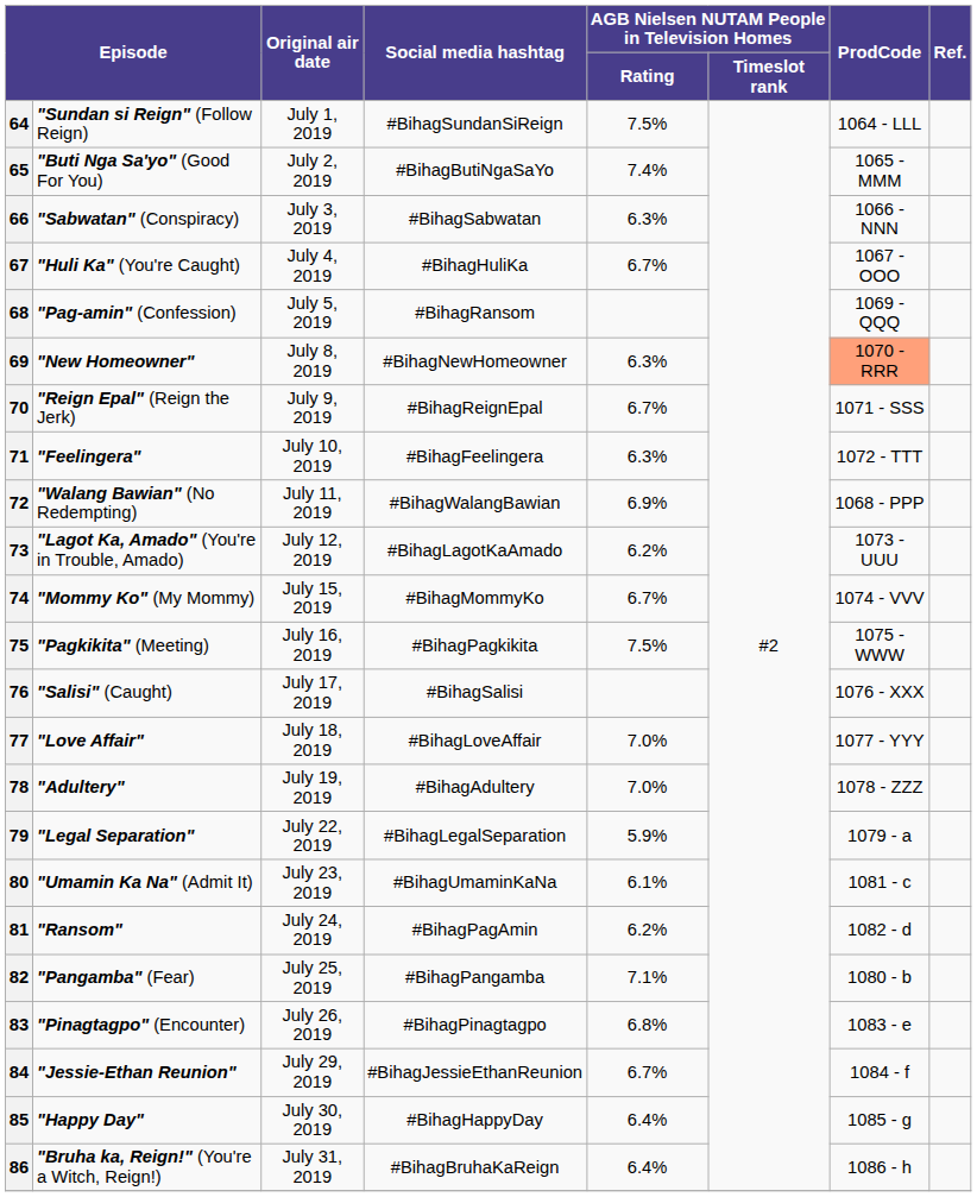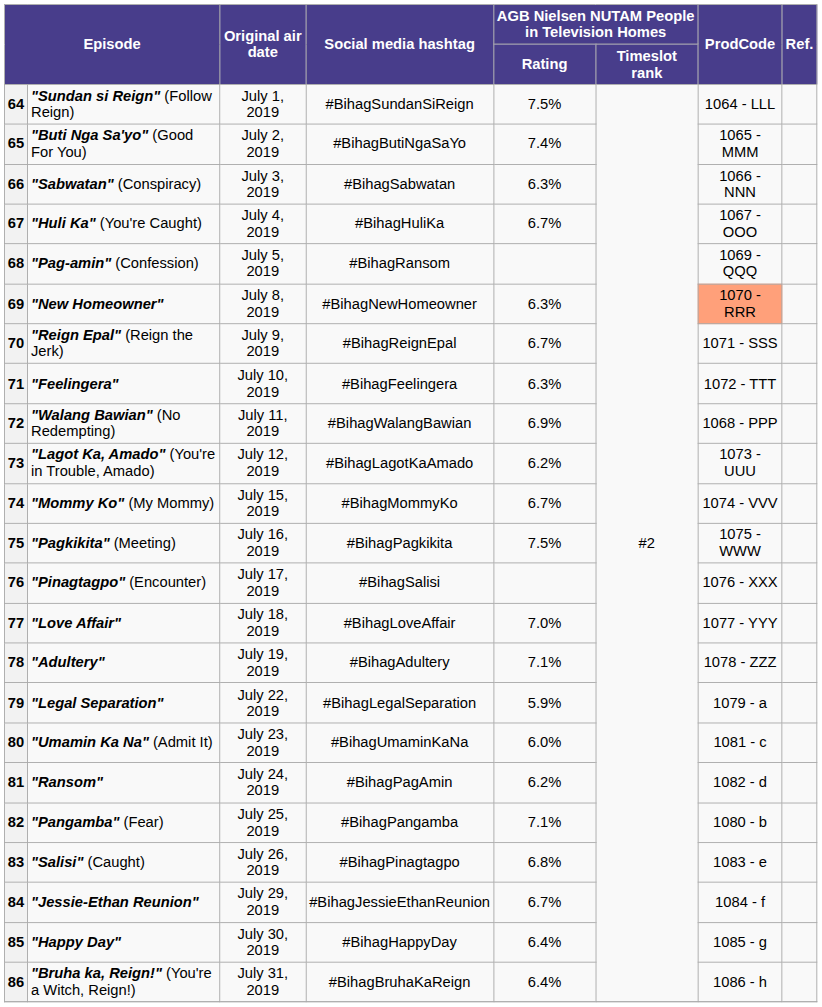 <table class="wikitable" style="text-align:center; font-size:100%; line-height:18px;" width="100%">
 <tr>
 <th style="background-color:#483D8B; color:#ffffff;" colspan="2" rowspan="2">Episode</th>
 <th style="background-color:#483D8B; color:white" rowspan="2">Original air date</th>
 <th style="background-color:#483D8B; color:white" rowspan="2">Social media hashtag</th>
 <th style="background-color:#483D8B; color:#ffffff;" colspan="2">AGB Nielsen NUTAM People in Television Homes</th>
 <th style="background-color:#483D8B; color:#ffffff;" rowspan="2">ProdCode</th>
 <th style="background-color:#483D8B;  color:#ffffff;" rowspan="2">Ref.</th>
 </tr>
 <tr>
 <th style="background-color:#483D8B; width:75px; color:#ffffff;">Rating</th>
 <th style="background-color:#483D8B;  width:75px; color:#ffffff;">Timeslot<br>rank</th>
 </tr>
 <tr>
 <th>64</th>
 <td style="text-align: left;"><strong><em>"Sundan si Reign"</em></strong> (Follow Reign)</td>
 <td>July 1, 2019</td>
 <td>#BihagSundanSiReign</td>
 <td>7.5%</td>
 <td rowspan="23">#2</td>
 <td>1064 - LLL</td>
 <td></td>
 </tr>
 <tr>
 <th>65</th>
 <td style="text-align: left;"><strong><em>"Buti Nga Sa'yo"</em></strong> (Good For You)</td>
 <td>July 2, 2019</td>
 <td>#BihagButiNgaSaYo</td>
 <td>7.4%</td>
 <td>1065 - MMM</td>
 <td></td>
 </tr>
 <tr>
 <th>66</th>
 <td style="text-align: left;"><strong><em>"Sabwatan"</em></strong> (Conspiracy)</td>
 <td>July 3, 2019</td>
 <td>#BihagSabwatan</td>
 <td>6.3%</td>
 <td>1066 - NNN</td>
 <td></td>
 </tr>
 <tr>
 <th>67</th>
 <td style="text-align: left;"><strong><em>"Huli Ka"</em></strong> (You're Caught)</td>
 <td>July 4, 2019</td>
 <td>#BihagHuliKa</td>
 <td>6.7%</td>
 <td>1067 - OOO</td>
 <td></td>
 </tr>
 <tr>
 <th>68</th>
 <td style="text-align: left;"><strong><em>"Pag-amin"</em></strong> (Confession)</td>
 <td>July 5, 2019</td>
 <td>#BihagRansom</td>
 <td></td>
 <td>1069 - QQQ</td>
 <td></td>
 </tr>
 <tr>
 <th>69</th>
 <td style="text-align: left;"><strong><em>"New Homeowner"</em></strong></td>
 <td>July 8, 2019</td>
 <td>#BihagNewHomeowner</td>
 <td>6.3%</td>
 <td style="background: lightsalmon;">1070 - RRR</td>
 <td></td>
 </tr>
 <tr>
 <th>70</th>
 <td style="text-align: left;"><strong><em>"Reign Epal"</em></strong> (Reign the Jerk)</td>
 <td>July 9, 2019</td>
 <td>#BihagReignEpal</td>
 <td>6.7%</td>
 <td>1071 - SSS</td>
 <td></td>
 </tr>
 <tr>
 <th>71</th>
 <td style="text-align: left;"><strong><em>"Feelingera"</em></strong></td>
 <td>July 10, 2019</td>
 <td>#BihagFeelingera</td>
 <td>6.3%</td>
 <td>1072 - TTT</td>
 <td></td>
 </tr>
 <tr>
 <th>72</th>
 <td style="text-align: left;"><strong><em>"Walang Bawian"</em></strong> (No Redempting)</td>
 <td>July 11, 2019</td>
 <td>#BihagWalangBawian</td>
 <td>6.9%</td>
 <td>1068 - PPP</td>
 <td></td>
 </tr>
 <tr>
 <th>73</th>
 <td style="text-align: left;"><strong><em>"Lagot Ka, Amado"</em></strong> (You're in Trouble, Amado)</td>
 <td>July 12, 2019</td>
 <td>#BihagLagotKaAmado</td>
 <td>6.2%</td>
 <td>1073 - UUU</td>
 <td></td>
 </tr>
 <tr>
 <th>74</th>
 <td style="text-align: left;"><strong><em>"Mommy Ko"</em></strong> (My Mommy)</td>
 <td>July 15, 2019</td>
 <td>#BihagMommyKo</td>
 <td>6.7%</td>
 <td>1074 - VVV</td>
 <td></td>
 </tr>
 <tr>
 <th>75</th>
 <td style="text-align: left;"><strong><em>"Pagkikita"</em></strong> (Meeting)</td>
 <td>July 16, 2019</td>
 <td>#BihagPagkikita</td>
 <td>7.5%</td>
 <td>1075 - WWW</td>
 <td></td>
 </tr>
 <tr>
 <th>76</th>
-<td style="text-align: left;"><strong><em>"Salisi"</em></strong> (Caught)</td>
+<td style="text-align: left;"><strong><em>"Pinagtagpo"</em></strong> (Encounter)</td>
 <td>July 17, 2019</td>
 <td>#BihagSalisi</td>
 <td></td>
 <td>1076 - XXX</td>
 <td></td>
 </tr>
 <tr>
 <th>77</th>
 <td style="text-align: left;"><strong><em>"Love Affair"</em></strong></td>
 <td>July 18, 2019</td>
 <td>#BihagLoveAffair</td>
 <td>7.0%</td>
 <td>1077 - YYY</td>
 <td></td>
 </tr>
 <tr>
 <th>78</th>
 <td style="text-align: left;"><strong><em>"Adultery"</em></strong></td>
 <td>July 19, 2019</td>
 <td>#BihagAdultery</td>
-<td>7.0%</td>
+<td>7.1%</td>
 <td>1078 - ZZZ</td>
 <td></td>
 </tr>
 <tr>
 <th>79</th>
 <td style="text-align: left;"><strong><em>"Legal Separation"</em></strong></td>
 <td>July 22, 2019</td>
 <td>#BihagLegalSeparation</td>
 <td>5.9%</td>
 <td>1079 - a</td>
 <td></td>
 </tr>
 <tr>
 <th>80</th>
 <td style="text-align: left;"><strong><em>"Umamin Ka Na"</em></strong> (Admit It)</td>
 <td>July 23, 2019</td>
 <td>#BihagUmaminKaNa</td>
-<td>6.1%</td>
+<td>6.0%</td>
 <td>1081 - c</td>
 <td></td>
 </tr>
 <tr>
 <th>81</th>
 <td style="text-align: left;"><strong><em>"Ransom"</em></strong></td>
 <td>July 24, 2019</td>
 <td>#BihagPagAmin</td>
 <td>6.2%</td>
 <td>1082 - d</td>
 <td></td>
 </tr>
 <tr>
 <th>82</th>
 <td style="text-align: left;"><strong><em>"Pangamba"</em></strong> (Fear)</td>
 <td>July 25, 2019</td>
 <td>#BihagPangamba</td>
 <td>7.1%</td>
 <td>1080 - b</td>
 <td></td>
 </tr>
 <tr>
 <th>83</th>
-<td style="text-align: left;"><strong><em>"Pinagtagpo"</em></strong> (Encounter)</td>
+<td style="text-align: left;"><strong><em>"Salisi"</em></strong> (Caught)</td>
 <td>July 26, 2019</td>
 <td>#BihagPinagtagpo</td>
 <td>6.8%</td>
 <td>1083 - e</td>
 <td></td>
 </tr>
 <tr>
 <th>84</th>
 <td style="text-align: left;"><strong><em>"Jessie-Ethan Reunion"</em></strong></td>
 <td>July 29, 2019</td>
 <td>#BihagJessieEthanReunion</td>
 <td>6.7%</td>
 <td>1084 - f</td>
 <td></td>
 </tr>
 <tr>
 <th>85</th>
 <td style="text-align: left;"><strong><em>"Happy Day"</em></strong></td>
 <td>July 30, 2019</td>
 <td>#BihagHappyDay</td>
 <td>6.4%</td>
 <td>1085 - g</td>
 <td></td>
 </tr>
 <tr>
 <th>86</th>
 <td style="text-align: left;"><strong><em>"Bruha ka, Reign!"</em></strong> (You're a Witch, Reign!)</td>
 <td>July 31, 2019</td>
 <td>#BihagBruhaKaReign</td>
 <td>6.4%</td>
 <td>1086 - h</td>
 <td></td>
 </tr>
 <tr>
 </tr>
 </table>
